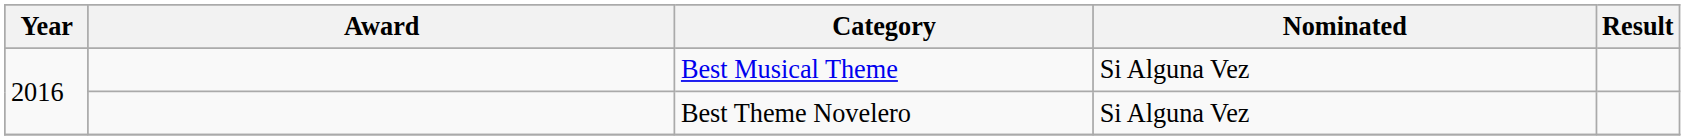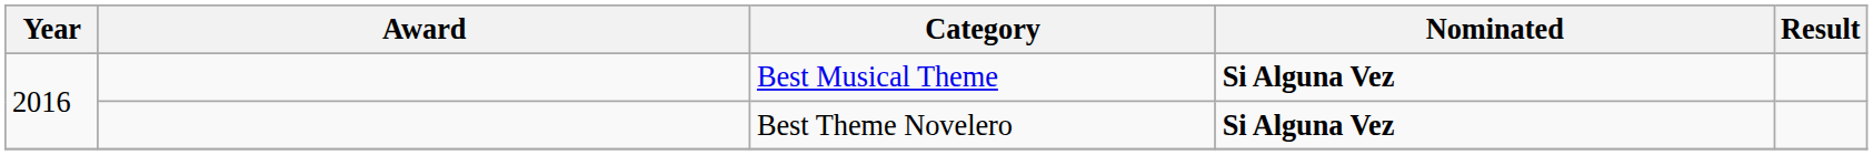 <table class="wikitable" style="font-size: 95%;">
 <tr align="center">
 <th>Year</th>
 <th width=35%>Award</th>
 <th width=25%>Category</th>
 <th width=30%>Nominated</th>
 <th width=5%>Result</th>
 </tr>
 <tr>
 <td rowspan="2">2016</td>
 <td></td>
 <td><a href='#'>Best Musical Theme</a></td>
-<td>Si Alguna Vez</td>
+<td><strong>Si Alguna Vez</strong></td>
 <td></td>
 </tr>
 <tr>
 <td></td>
 <td>Best Theme Novelero</td>
-<td>Si Alguna Vez</td>
+<td><strong>Si Alguna Vez</strong></td>
 <td></td>
 </tr>
 <tr>
 </tr>
 </table>
